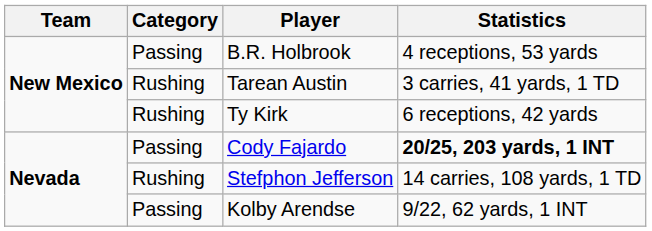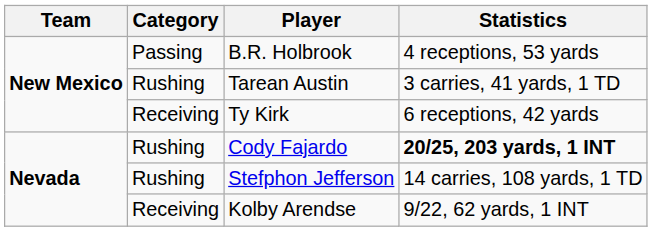 <table class="wikitable" style="float: left;">
 <tr>
 <th>Team</th>
 <th>Category</th>
 <th>Player</th>
 <th>Statistics</th>
 </tr>
 <tr>
 <td rowspan=3><strong>New Mexico</strong></td>
 <td>Passing</td>
 <td>B.R. Holbrook</td>
 <td>4 receptions, 53 yards</td>
 </tr>
 <tr>
 <td>Rushing</td>
 <td>Tarean Austin</td>
 <td>3 carries, 41 yards, 1 TD</td>
 </tr>
 <tr>
-<td>Rushing</td>
+<td>Receiving</td>
 <td>Ty Kirk</td>
 <td>6 receptions, 42 yards</td>
 </tr>
 <tr>
 <td rowspan=3><strong>Nevada</strong></td>
-<td>Passing</td>
+<td>Rushing</td>
 <td><a href='#'>Cody Fajardo</a></td>
 <td><strong>20/25, 203 yards, 1 INT</strong></td>
 </tr>
 <tr>
 <td>Rushing</td>
 <td><a href='#'>Stefphon Jefferson</a></td>
 <td>14 carries, 108 yards, 1 TD</td>
 </tr>
 <tr>
-<td>Passing</td>
+<td>Receiving</td>
 <td>Kolby Arendse</td>
 <td>9/22, 62 yards, 1 INT</td>
 </tr>
 </table>
